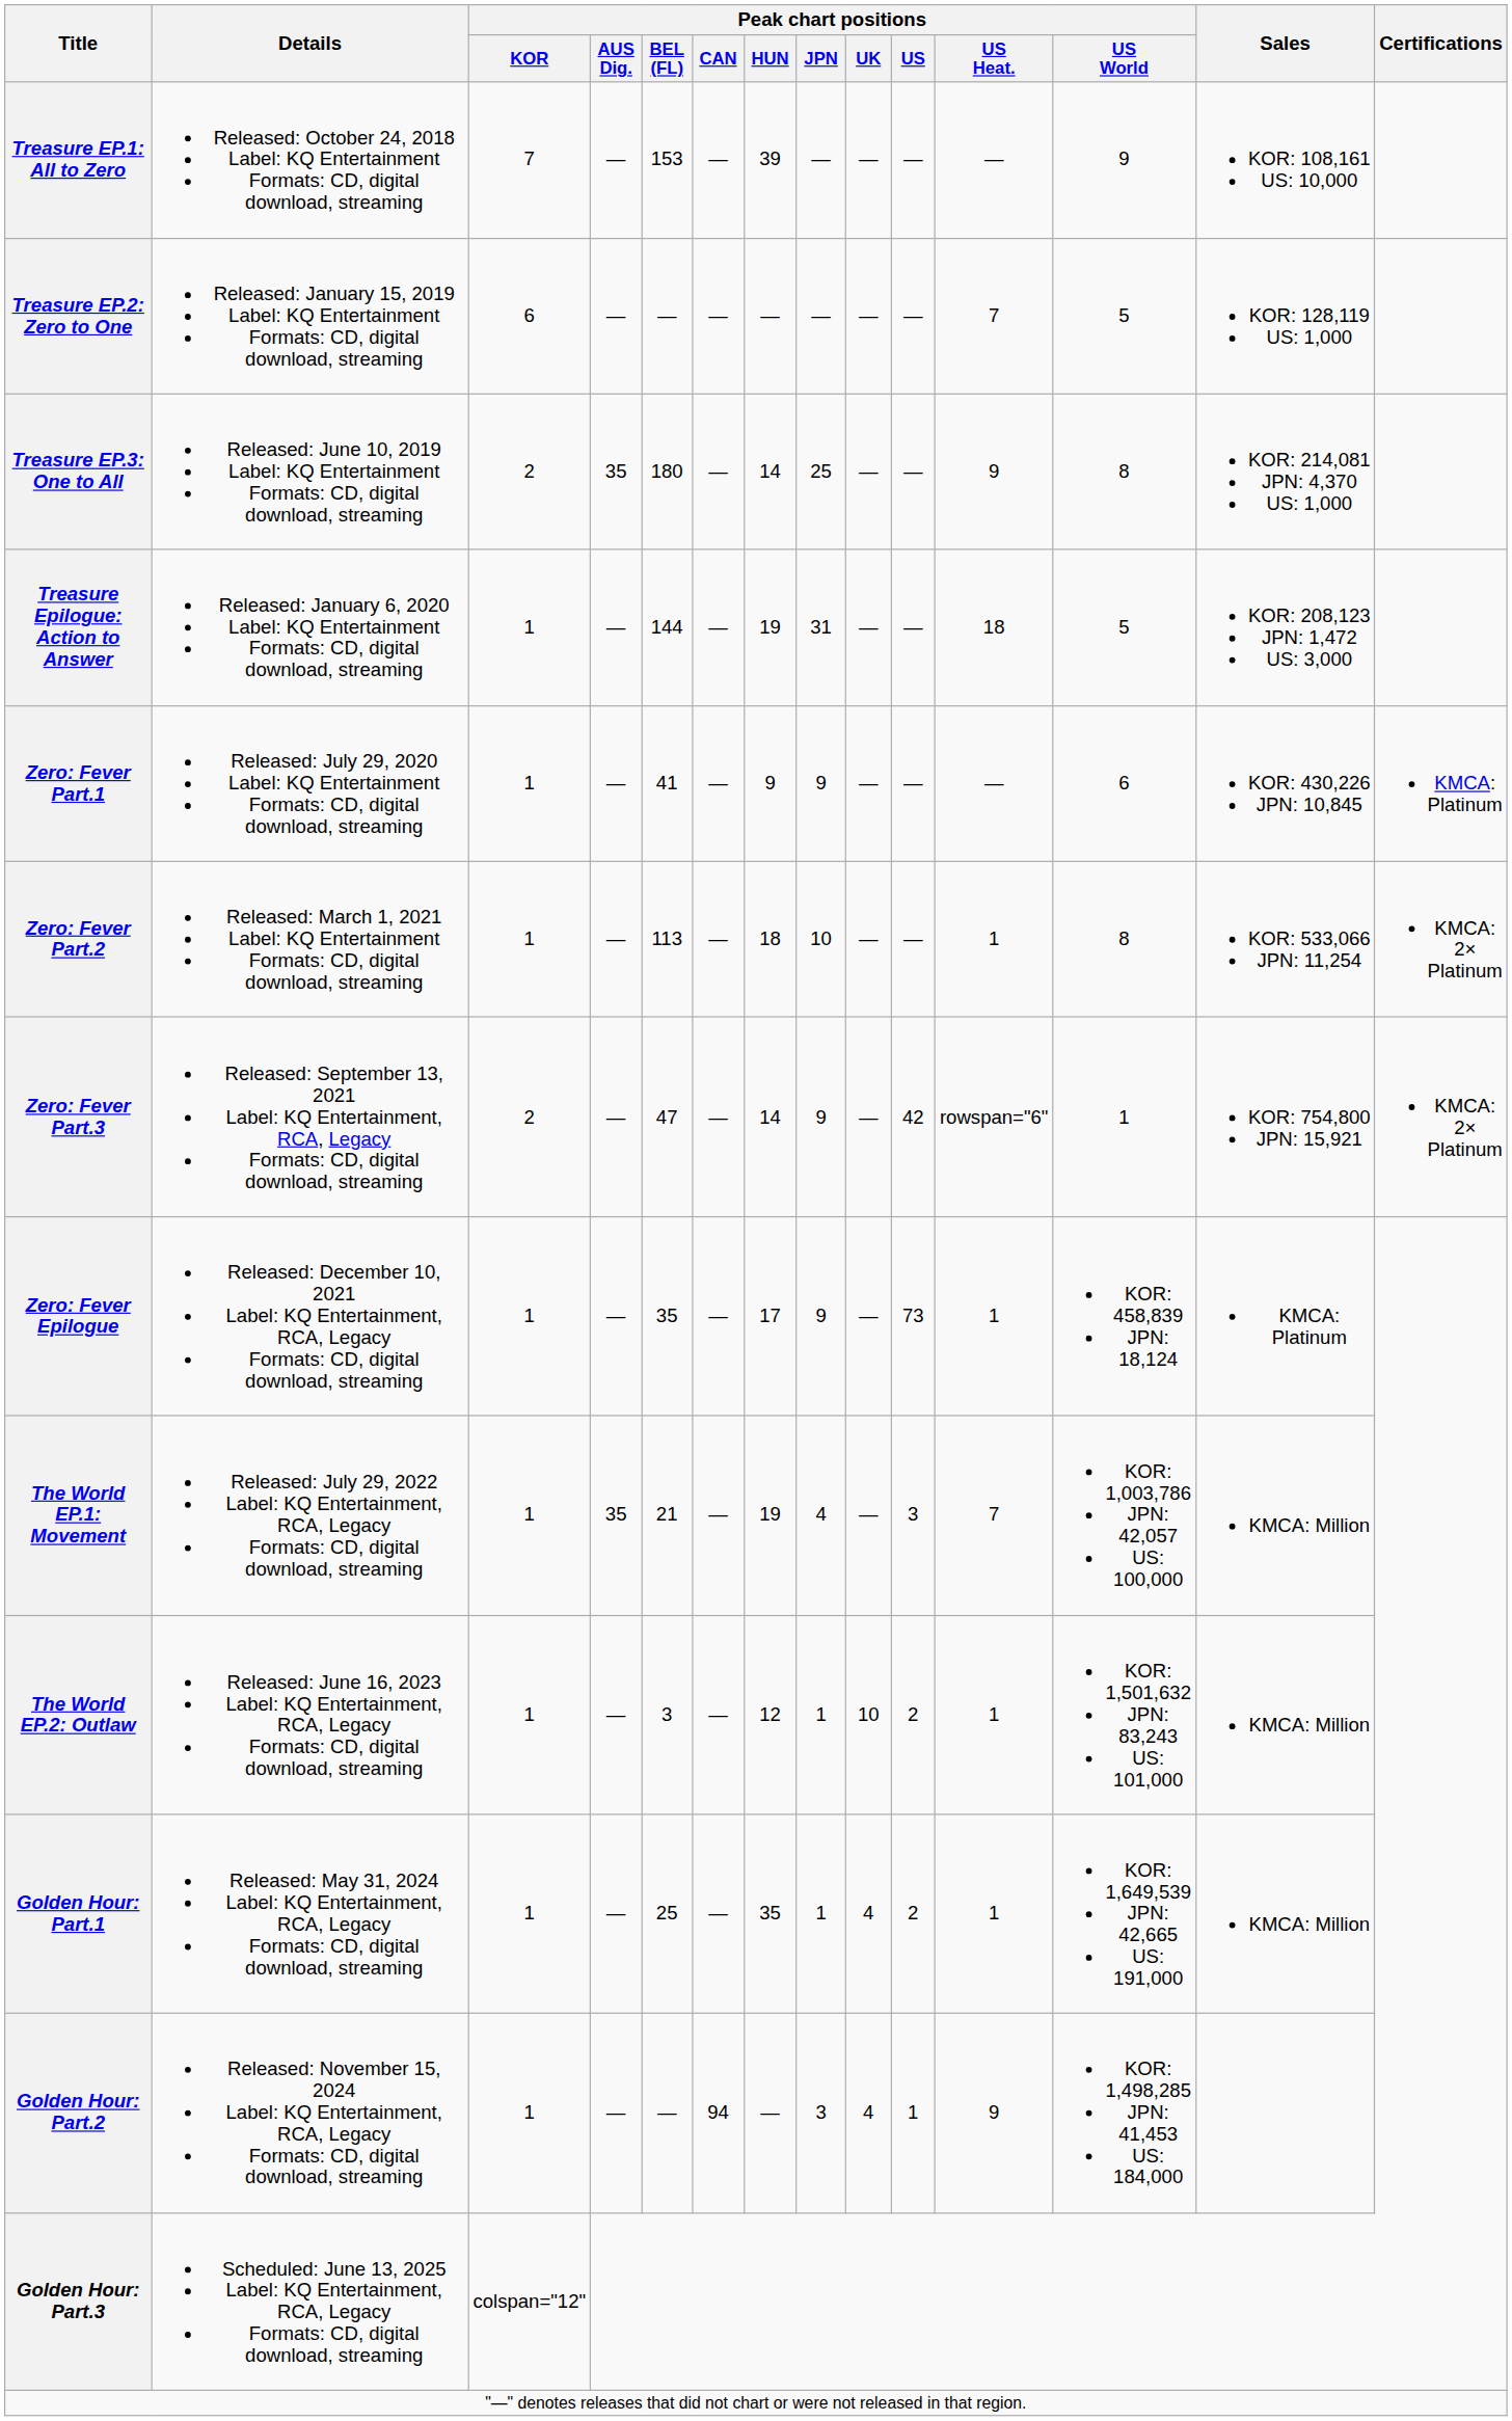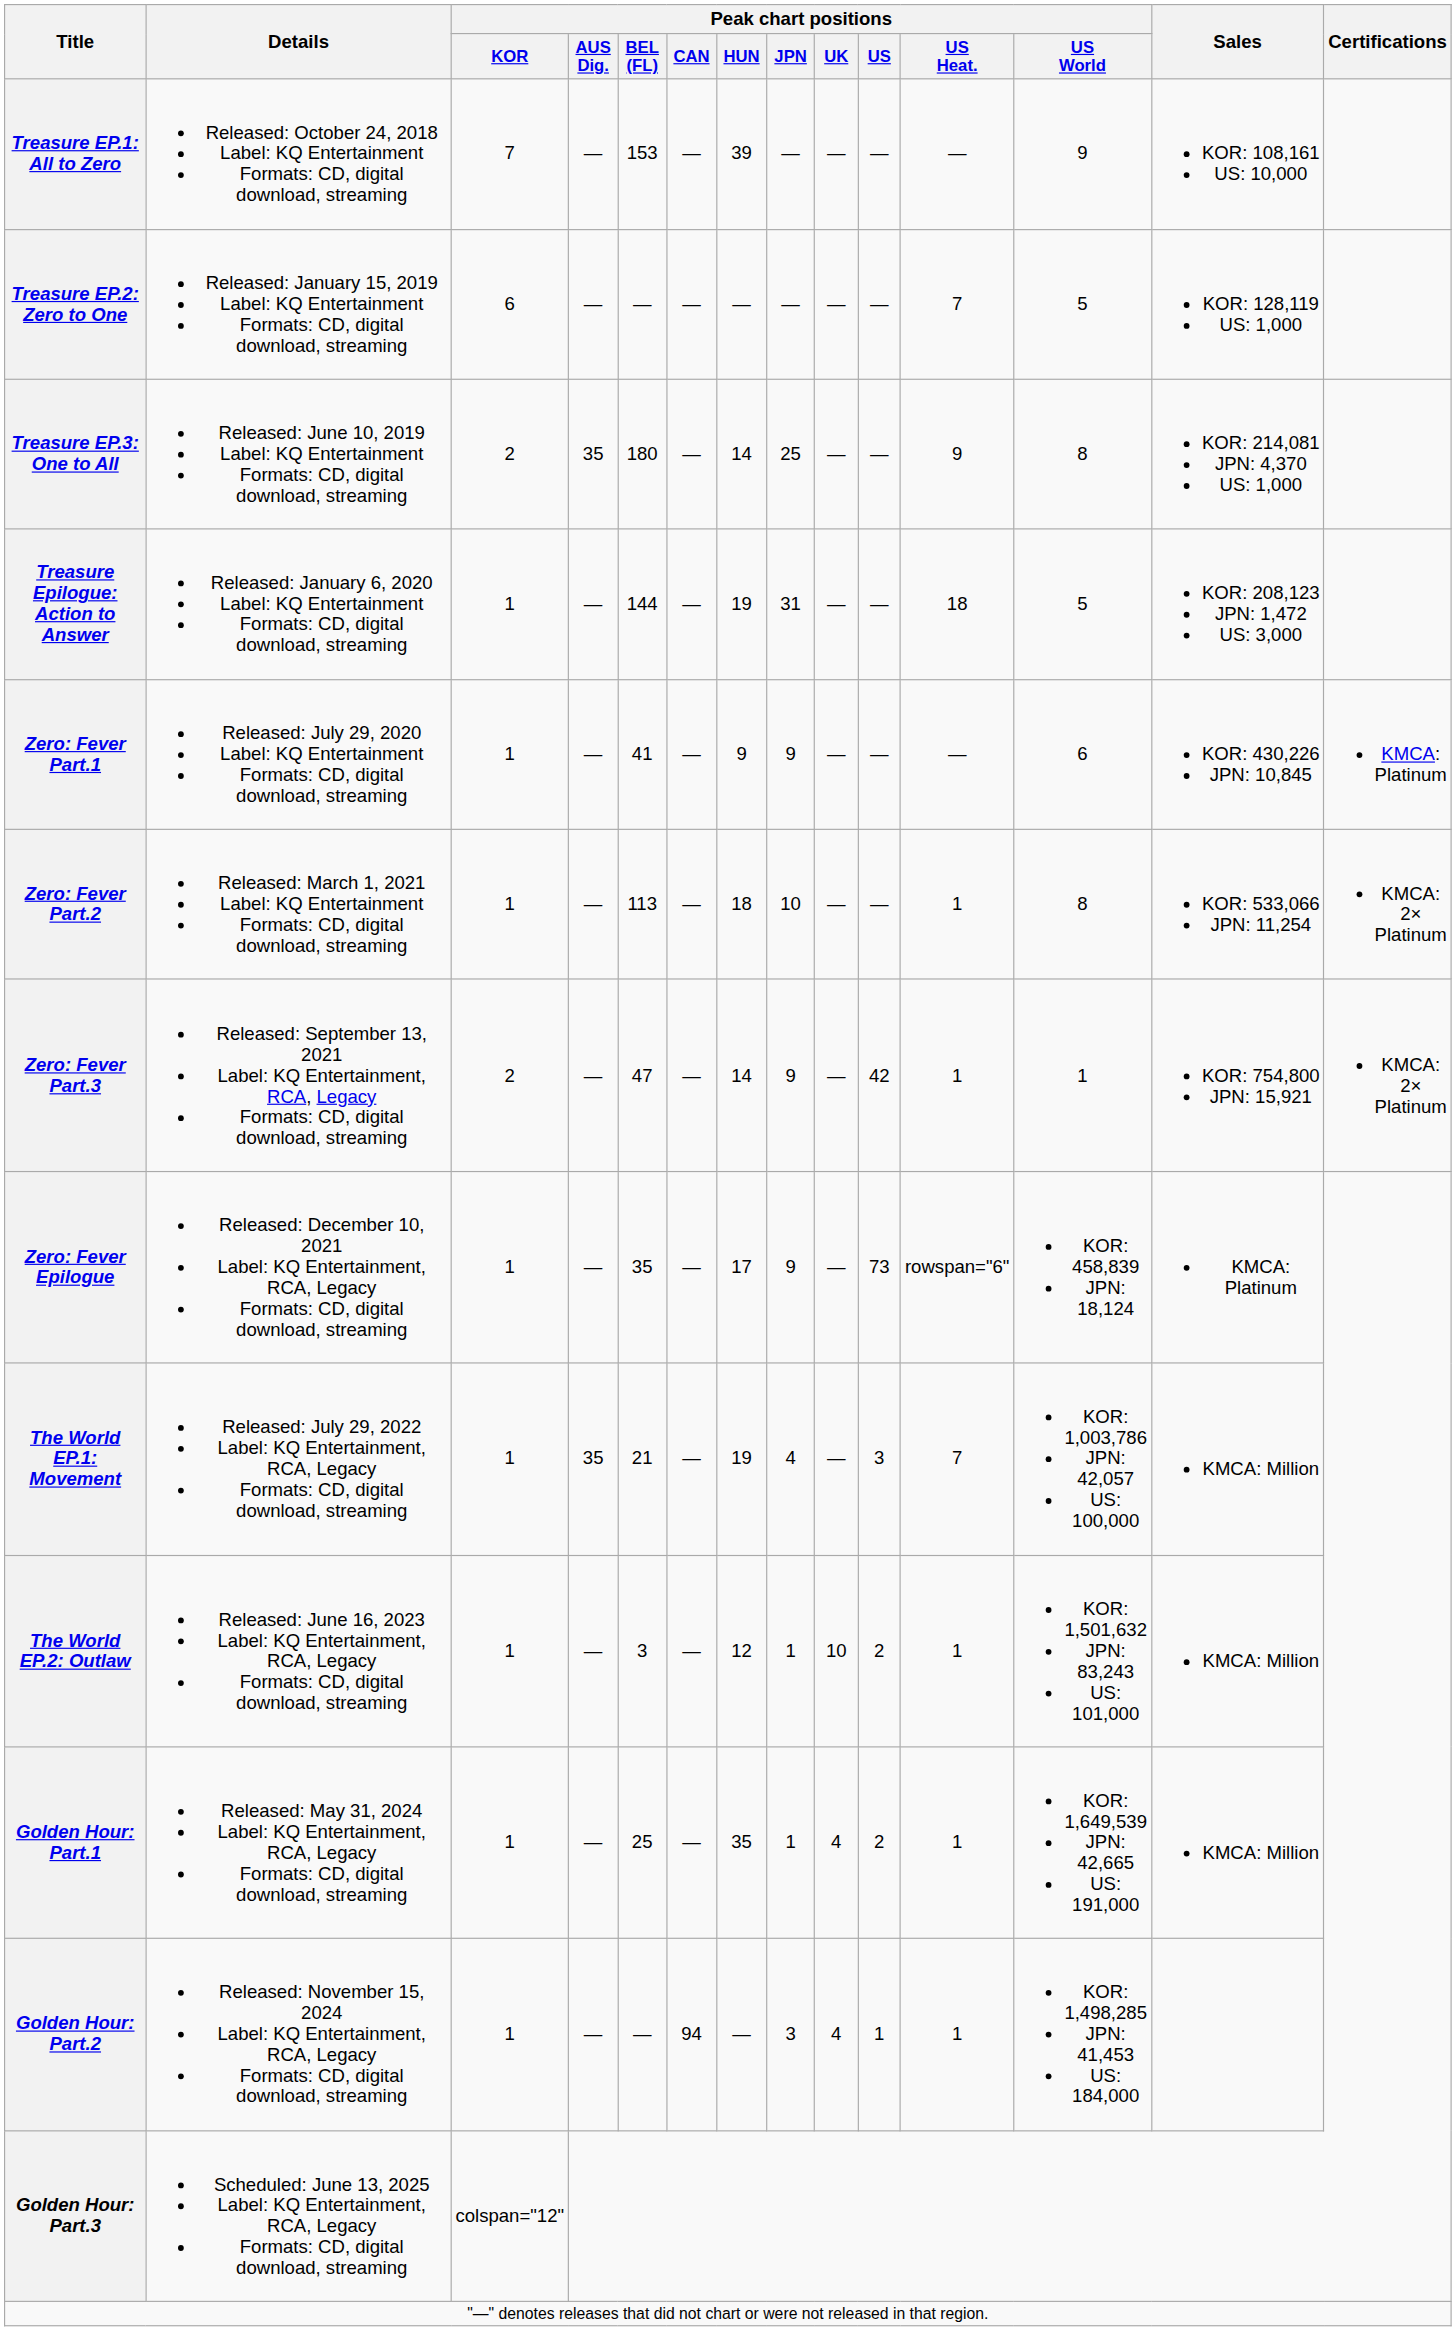 <table class="wikitable plainrowheaders" style="text-align:center;">
 <tr>
 <th scope="col" rowspan="2" style="width:10em;">Title</th>
 <th scope="col" rowspan="2" style="width:25em;">Details</th>
 <th scope="col" colspan="10">Peak chart positions</th>
 <th scope="col" rowspan="2" style="width:12em;">Sales</th>
 <th scope="col" rowspan="2">Certifications</th>
 </tr>
 <tr>
 <th scope="col" style="width:3em;font-size:90%;"><a href='#'>KOR</a><br></th>
 <th scope="col" style="width:3em;font-size:90%;"><a href='#'>AUS<br>Dig.</a><br></th>
 <th scope="col" style="width:3em;font-size:90%;"><a href='#'>BEL<br>(FL)</a><br></th>
 <th scope="col" style="width:3em;font-size:90%;"><a href='#'>CAN</a><br></th>
 <th scope="col" style="width:3em;font-size:90%;"><a href='#'>HUN</a><br></th>
 <th scope="col" style="width:3em;font-size:90%;"><a href='#'>JPN</a><br></th>
 <th scope="col" style="width:3em;font-size:90%;"><a href='#'>UK</a><br></th>
 <th scope="col" style="width:3em;font-size:90%;"><a href='#'>US</a><br></th>
 <th scope="col" style="width:3em;font-size:90%;"><a href='#'>US<br>Heat.</a><br></th>
 <th scope="col" style="width:3em;font-size:90%;"><a href='#'>US<br>World</a><br></th>
 </tr>
 <tr>
 <th scope="row"><em><a href='#'>Treasure EP.1: All to Zero</a></em></th>
 <td><br><ul><li>Released: October 24, 2018 </li><li>Label: KQ Entertainment</li><li>Formats: CD, digital download, streaming</li></ul></td>
 <td>7</td>
 <td>—</td>
 <td>153</td>
 <td>—</td>
 <td>39</td>
 <td>—</td>
 <td>—</td>
 <td>—</td>
 <td>—</td>
 <td>9</td>
 <td><br><ul><li>KOR: 108,161</li><li>US: 10,000</li></ul></td>
 <td></td>
 </tr>
 <tr>
 <th scope="row"><em><a href='#'>Treasure EP.2: Zero to One</a></em></th>
 <td><br><ul><li>Released: January 15, 2019</li><li>Label: KQ Entertainment</li><li>Formats: CD, digital download, streaming</li></ul></td>
 <td>6</td>
 <td>—</td>
 <td>—</td>
 <td>—</td>
 <td>—</td>
 <td>—</td>
 <td>—</td>
 <td>—</td>
 <td>7</td>
 <td>5</td>
 <td><br><ul><li>KOR: 128,119</li><li>US: 1,000</li></ul></td>
 <td></td>
 </tr>
 <tr>
 <th scope="row"><em><a href='#'>Treasure EP.3: One to All</a></em></th>
 <td><br><ul><li>Released: June 10, 2019</li><li>Label: KQ Entertainment</li><li>Formats: CD, digital download, streaming</li></ul></td>
 <td>2</td>
 <td>35</td>
 <td>180</td>
 <td>—</td>
 <td>14</td>
 <td>25</td>
 <td>—</td>
 <td>—</td>
 <td>9</td>
 <td>8</td>
 <td><br><ul><li>KOR: 214,081</li><li>JPN: 4,370 </li><li>US: 1,000</li></ul></td>
 <td></td>
 </tr>
 <tr>
 <th scope="row"><em><a href='#'>Treasure Epilogue: Action to Answer</a></em></th>
 <td><br><ul><li>Released: January 6, 2020</li><li>Label: KQ Entertainment</li><li>Formats: CD, digital download, streaming</li></ul></td>
 <td>1</td>
 <td>—</td>
 <td>144</td>
 <td>—</td>
 <td>19</td>
 <td>31</td>
 <td>—</td>
 <td>—</td>
 <td>18</td>
 <td>5</td>
 <td><br><ul><li>KOR: 208,123</li><li>JPN: 1,472 </li><li>US: 3,000</li></ul></td>
 <td></td>
 </tr>
 <tr>
 <th scope="row"><em><a href='#'>Zero: Fever Part.1</a></em></th>
 <td><br><ul><li>Released: July 29, 2020</li><li>Label: KQ Entertainment</li><li>Formats: CD, digital download, streaming</li></ul></td>
 <td>1</td>
 <td>—</td>
 <td>41</td>
 <td>—</td>
 <td>9</td>
 <td>9</td>
 <td>—</td>
 <td>—</td>
 <td>—</td>
 <td>6</td>
 <td><br><ul><li>KOR: 430,226</li><li>JPN: 10,845 </li></ul></td>
 <td><br><ul><li><a href='#'>KMCA</a>: Platinum</li></ul></td>
 </tr>
 <tr>
 <th scope="row"><em><a href='#'>Zero: Fever Part.2</a></em></th>
 <td><br><ul><li>Released: March 1, 2021</li><li>Label: KQ Entertainment</li><li>Formats: CD, digital download, streaming</li></ul></td>
 <td>1</td>
 <td>—</td>
 <td>113</td>
 <td>—</td>
 <td>18</td>
 <td>10</td>
 <td>—</td>
 <td>—</td>
 <td>1</td>
 <td>8</td>
 <td><br><ul><li>KOR: 533,066</li><li>JPN: 11,254 </li></ul></td>
 <td><br><ul><li>KMCA: 2× Platinum</li></ul></td>
 </tr>
 <tr>
 <th scope="row"><em><a href='#'>Zero: Fever Part.3</a></em></th>
 <td><br><ul><li>Released: September 13, 2021</li><li>Label: KQ Entertainment, <a href='#'>RCA</a>, <a href='#'>Legacy</a></li><li>Formats: CD, digital download, streaming</li></ul></td>
 <td>2</td>
 <td>—</td>
 <td>47</td>
 <td>—</td>
 <td>14</td>
 <td>9</td>
 <td>—</td>
 <td>42</td>
-<td>rowspan="6" <br></td>
+<td>1</td>
 <td>1</td>
 <td><br><ul><li>KOR: 754,800</li><li>JPN: 15,921 </li></ul></td>
 <td><br><ul><li>KMCA: 2× Platinum</li></ul></td>
 </tr>
 <tr>
 <th scope="row"><em><a href='#'>Zero: Fever Epilogue</a></em></th>
 <td><br><ul><li>Released: December 10, 2021</li><li>Label: KQ Entertainment, RCA, Legacy</li><li>Formats: CD, digital download, streaming</li></ul></td>
 <td>1</td>
 <td>—</td>
 <td>35</td>
 <td>—</td>
 <td>17</td>
 <td>9</td>
 <td>—</td>
 <td>73</td>
-<td>1</td>
+<td>rowspan="6" <br></td>
 <td><br><ul><li>KOR: 458,839</li><li>JPN: 18,124 </li></ul></td>
 <td><br><ul><li>KMCA: Platinum</li></ul></td>
 </tr>
 <tr>
 <th scope="row"><em><a href='#'>The World EP.1: Movement</a></em></th>
 <td><br><ul><li>Released: July 29, 2022</li><li>Label: KQ Entertainment, RCA, Legacy</li><li>Formats: CD, digital download, streaming</li></ul></td>
 <td>1</td>
 <td>35</td>
 <td>21</td>
 <td>—</td>
 <td>19</td>
 <td>4</td>
 <td>—</td>
 <td>3</td>
 <td>7</td>
 <td><br><ul><li>KOR: 1,003,786</li><li>JPN: 42,057</li><li>US: 100,000</li></ul></td>
 <td><br><ul><li>KMCA: Million</li></ul></td>
 </tr>
 <tr>
 <th scope="row"><em><a href='#'>The World EP.2: Outlaw</a></em></th>
 <td><br><ul><li>Released: June 16, 2023</li><li>Label: KQ Entertainment, RCA, Legacy</li><li>Formats: CD, digital download, streaming</li></ul></td>
 <td>1</td>
 <td>—</td>
 <td>3</td>
 <td>—</td>
 <td>12</td>
 <td>1</td>
 <td>10</td>
 <td>2</td>
 <td>1</td>
 <td><br><ul><li>KOR: 1,501,632</li><li>JPN: 83,243 </li><li>US: 101,000</li></ul></td>
 <td><br><ul><li>KMCA: Million</li></ul></td>
 </tr>
 <tr>
 <th scope="row"><em><a href='#'>Golden Hour: Part.1</a></em></th>
 <td><br><ul><li>Released: May 31, 2024</li><li>Label: KQ Entertainment, RCA, Legacy</li><li>Formats: CD, digital download, streaming</li></ul></td>
 <td>1</td>
 <td>—</td>
 <td>25</td>
 <td>—</td>
 <td>35</td>
 <td>1</td>
 <td>4</td>
 <td>2</td>
 <td>1</td>
 <td><br><ul><li>KOR: 1,649,539</li><li>JPN: 42,665</li><li>US: 191,000</li></ul></td>
 <td><br><ul><li>KMCA: Million</li></ul></td>
 </tr>
 <tr>
 <th scope="row"><em><a href='#'>Golden Hour: Part.2</a></em></th>
 <td><br><ul><li>Released: November 15, 2024</li><li>Label: KQ Entertainment, RCA, Legacy</li><li>Formats: CD, digital download, streaming</li></ul></td>
 <td>1</td>
 <td>—</td>
 <td>—</td>
 <td>94</td>
 <td>—</td>
 <td>3</td>
 <td>4</td>
 <td>1</td>
-<td>9</td>
+<td>1</td>
 <td><br><ul><li>KOR: 1,498,285</li><li>JPN: 41,453</li><li>US: 184,000</li></ul></td>
 <td></td>
 </tr>
 <tr>
 <th scope="row"><em>Golden Hour: Part.3</em></th>
 <td><br><ul><li>Scheduled: June 13, 2025</li><li>Label: KQ Entertainment, RCA, Legacy</li><li>Formats: CD, digital download, streaming</li></ul></td>
 <td>colspan="12" </td>
 </tr>
 <tr>
 <td colspan="14" style="font-size:85%">"—" denotes releases that did not chart or were not released in that region.</td>
 </tr>
 </table>
